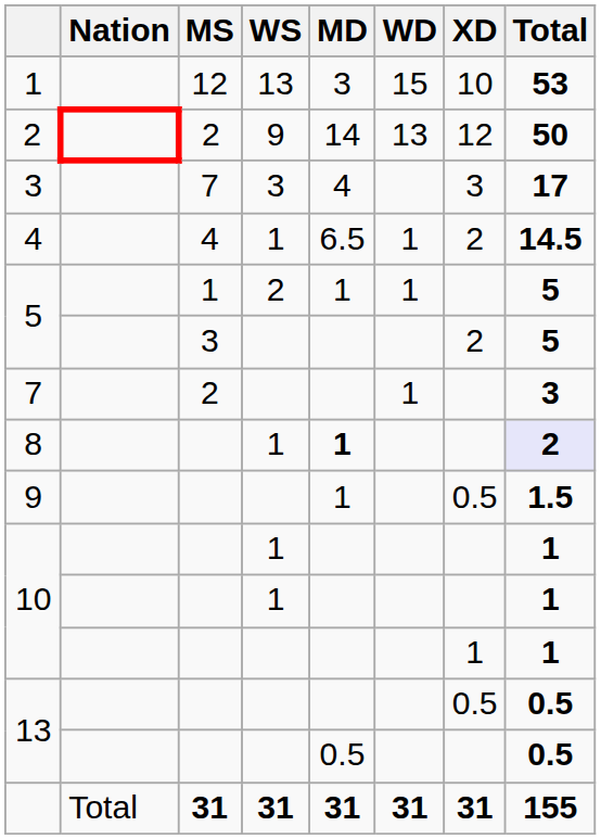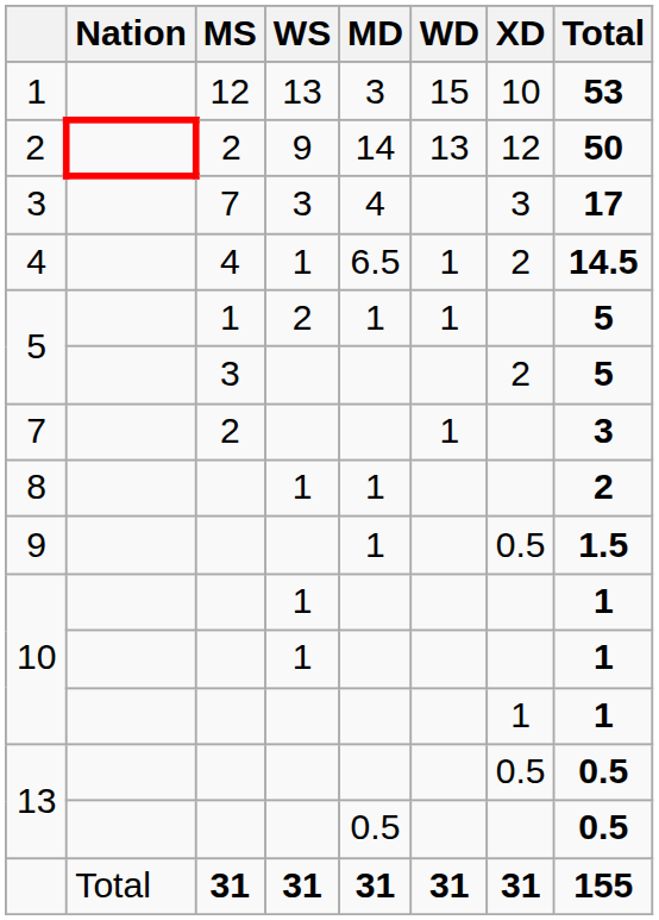 <table class="wikitable" style="text-align:center">
 <tr>
 <th width="20"></th>
 <th>Nation</th>
 <th width="20">MS</th>
 <th width="20">WS</th>
 <th width="20">MD</th>
 <th width="20">WD</th>
 <th width="20">XD</th>
 <th>Total</th>
 </tr>
 <tr>
 <td>1</td>
 <td align=left></td>
 <td>12</td>
 <td>13</td>
 <td>3</td>
 <td>15</td>
 <td>10</td>
 <td><strong>53</strong></td>
 </tr>
 <tr align=center>
 <td>2</td>
 <td align=left style="border: 3px solid red"><strong></strong></td>
 <td>2</td>
 <td>9</td>
 <td>14</td>
 <td>13</td>
 <td>12</td>
 <td><strong>50</strong></td>
 </tr>
 <tr align=center>
 <td>3</td>
 <td align=left></td>
 <td>7</td>
 <td>3</td>
 <td>4</td>
 <td></td>
 <td>3</td>
 <td><strong>17</strong></td>
 </tr>
 <tr align=center>
 <td>4</td>
 <td align=left></td>
 <td>4</td>
 <td>1</td>
 <td>6.5</td>
 <td>1</td>
 <td>2</td>
 <td><strong>14.5</strong></td>
 </tr>
 <tr align=center>
 <td rowspan="2">5</td>
 <td align=left></td>
 <td>1</td>
 <td>2</td>
 <td>1</td>
 <td>1</td>
 <td></td>
 <td><strong>5</strong></td>
 </tr>
 <tr align=center>
 <td align=left></td>
 <td>3</td>
 <td></td>
 <td></td>
 <td></td>
 <td>2</td>
 <td><strong>5</strong></td>
 </tr>
 <tr align=center>
 <td>7</td>
 <td align=left></td>
 <td>2</td>
 <td></td>
 <td></td>
 <td>1</td>
 <td></td>
 <td><strong>3</strong></td>
 </tr>
 <tr align=center>
 <td>8</td>
 <td align=left></td>
 <td></td>
 <td>1</td>
-<td><strong>1</strong></td>
+<td>1</td>
 <td></td>
 <td></td>
-<td style="background: lavender;"><strong>2</strong></td>
+<td><strong>2</strong></td>
 </tr>
 <tr align=center>
 <td>9</td>
 <td align=left></td>
 <td></td>
 <td></td>
 <td>1</td>
 <td></td>
 <td>0.5</td>
 <td><strong>1.5</strong></td>
 </tr>
 <tr align=center>
 <td rowspan=3>10</td>
 <td align=left></td>
 <td></td>
 <td>1</td>
 <td></td>
 <td></td>
 <td></td>
 <td><strong>1</strong></td>
 </tr>
 <tr align=center>
 <td align=left></td>
 <td></td>
 <td>1</td>
 <td></td>
 <td></td>
 <td></td>
 <td><strong>1</strong></td>
 </tr>
 <tr align=center>
 <td align=left></td>
 <td></td>
 <td></td>
 <td></td>
 <td></td>
 <td>1</td>
 <td><strong>1</strong></td>
 </tr>
 <tr align=center>
 <td rowspan=2>13</td>
 <td align=left></td>
 <td></td>
 <td></td>
 <td></td>
 <td></td>
 <td>0.5</td>
 <td><strong>0.5</strong></td>
 </tr>
 <tr align=center>
 <td align=left></td>
 <td></td>
 <td></td>
 <td>0.5</td>
 <td></td>
 <td></td>
 <td><strong>0.5</strong></td>
 </tr>
 <tr>
 <td></td>
 <td align=left>Total</td>
 <td><strong>31</strong></td>
 <td><strong>31</strong></td>
 <td><strong>31</strong></td>
 <td><strong>31</strong></td>
 <td><strong>31</strong></td>
 <td><strong>155</strong></td>
 </tr>
 </table>
